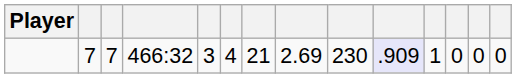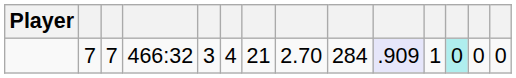 <table class="wikitable sortable" style="text-align:center;">
 <tr style="text-align:center; background:#ddd;">
 <th>Player</th>
 <th></th>
 <th></th>
 <th></th>
 <th></th>
 <th></th>
 <th></th>
 <th></th>
 <th></th>
 <th></th>
 <th></th>
 <th></th>
 <th></th>
 <th></th>
 </tr>
 <tr>
 <td></td>
 <td>7</td>
 <td>7</td>
 <td>466:32</td>
 <td>3</td>
 <td>4</td>
 <td>21</td>
-<td>2.69</td>
-<td>230</td>
+<td>2.70</td>
+<td>284</td>
 <td style="background: lavender;">.909</td>
 <td>1</td>
-<td>0</td>
+<td style="background: paleturquoise;">0</td>
 <td>0</td>
 <td>0</td>
 </tr>
 </table>
